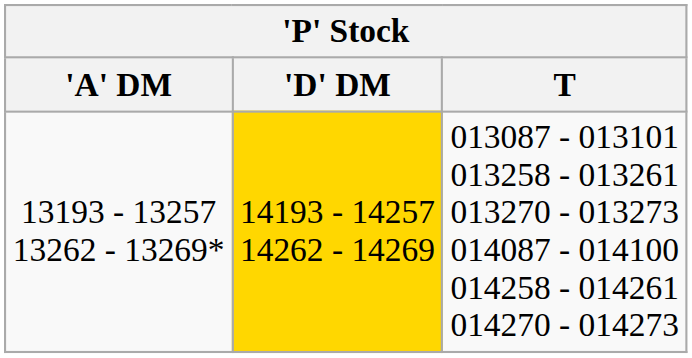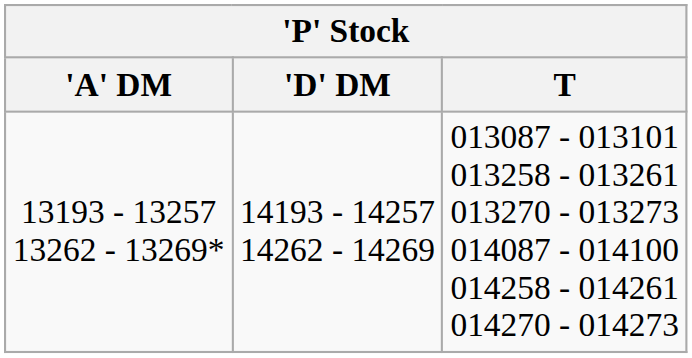 <table class="wikitable">
 <tr>
 <th colspan=3>'P' Stock</th>
 </tr>
 <tr>
 <th>'A' DM</th>
 <th>'D' DM</th>
 <th>T</th>
 </tr>
 <tr align=center nowrap>
 <td>13193 - 13257<br>13262 - 13269*</td>
-<td style="background: gold;">14193 - 14257<br>14262 - 14269</td>
+<td>14193 - 14257<br>14262 - 14269</td>
 <td>013087 - 013101<br>013258 - 013261<br>013270 - 013273<br>014087 - 014100<br>014258 - 014261<br>014270 - 014273</td>
 </tr>
 </table>
